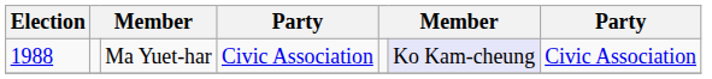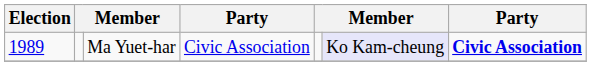 <table class="wikitable">
 <tr>
 <th>Election</th>
 <th colspan="2">Member</th>
 <th>Party</th>
 <th colspan="2">Member</th>
 <th>Party</th>
 </tr>
 <tr>
-<td><a href='#'>1988</a></td>
+<td><a href='#'>1989</a></td>
 <td style="background-color: "></td>
 <td>Ma Yuet-har</td>
 <td><a href='#'>Civic Association</a></td>
 <td style="background-color: "></td>
 <td style="background: lavender;">Ko Kam-cheung</td>
-<td><a href='#'>Civic Association</a></td>
+<td><strong><a href='#'>Civic Association</a></strong></td>
 </tr>
 <tr>
 </tr>
 </table>
